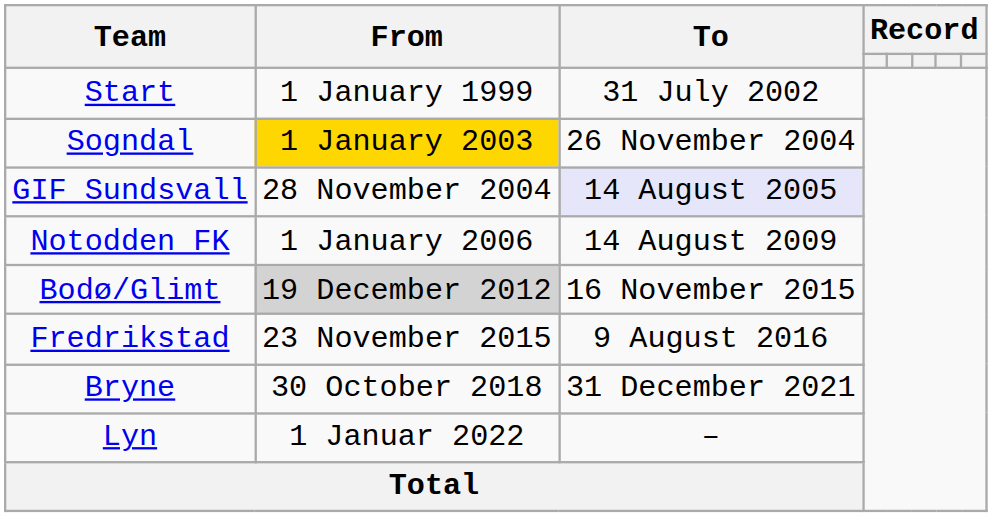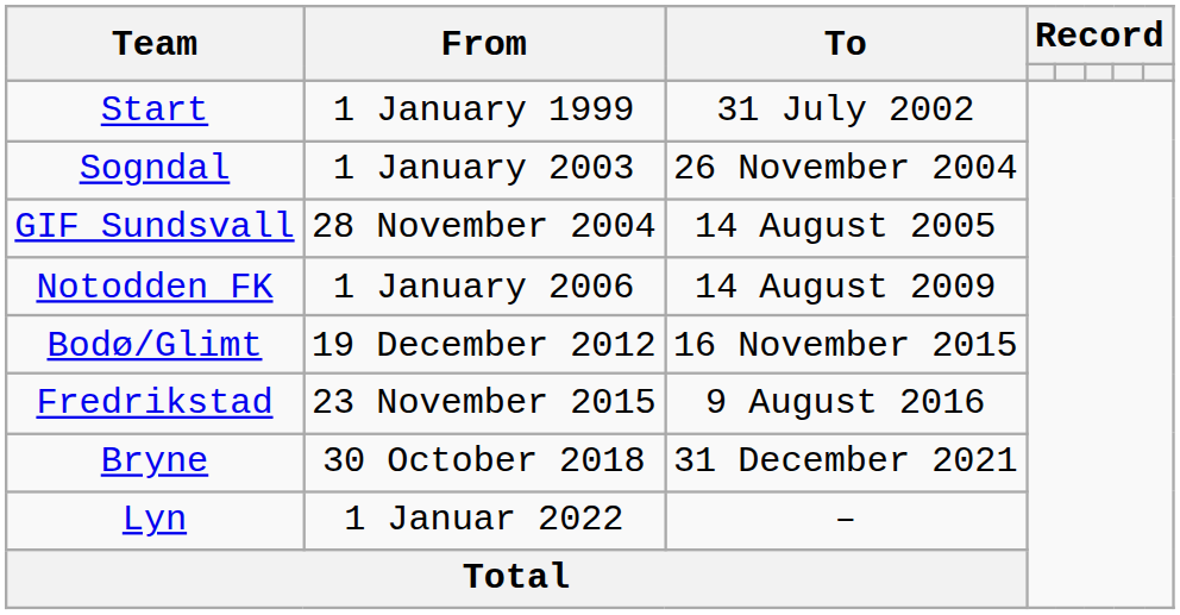 <table class="wikitable" style="text-align: center">
 <tr>
 <th rowspan="2">Team</th>
 <th rowspan="2">From</th>
 <th rowspan="2">To</th>
 <th colspan="5">Record</th>
 </tr>
 <tr>
 <th></th>
 <th></th>
 <th></th>
 <th></th>
 <th></th>
 </tr>
 <tr>
 <td><a href='#'>Start</a></td>
 <td>1 January 1999</td>
 <td>31 July 2002<br></td>
 </tr>
 <tr>
 <td><a href='#'>Sogndal</a></td>
-<td style="background: gold;">1 January 2003</td>
+<td>1 January 2003</td>
 <td>26 November 2004<br></td>
 </tr>
 <tr>
 <td><a href='#'>GIF Sundsvall</a></td>
 <td>28 November 2004</td>
-<td style="background: lavender;">14 August 2005<br></td>
+<td>14 August 2005<br></td>
 </tr>
 <tr>
 <td><a href='#'>Notodden FK</a></td>
 <td>1 January 2006</td>
 <td>14 August 2009<br></td>
 </tr>
 <tr>
 <td><a href='#'>Bodø/Glimt</a></td>
-<td style="background: lightgrey;">19 December 2012</td>
+<td>19 December 2012</td>
 <td>16 November 2015<br></td>
 </tr>
 <tr>
 <td><a href='#'>Fredrikstad</a></td>
 <td>23 November 2015</td>
 <td>9 August 2016<br></td>
 </tr>
 <tr>
 <td><a href='#'>Bryne</a></td>
 <td>30 October 2018</td>
 <td>31 December 2021<br></td>
 </tr>
 <tr>
 <td><a href='#'>Lyn</a></td>
 <td>1 Januar 2022</td>
 <td>–<br></td>
 </tr>
 <tr>
 <th colspan="3">Total<br></th>
 </tr>
 </table>
